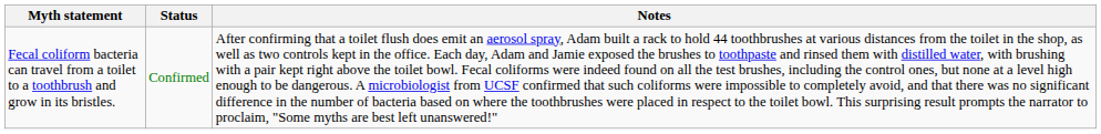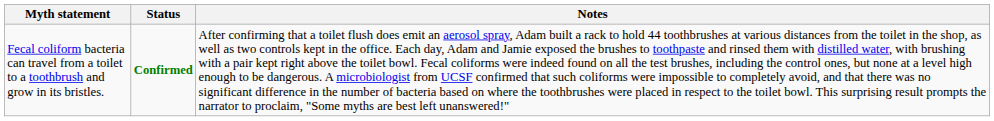 <table class="wikitable plainrowheaders">
 <tr>
 <th>Myth statement</th>
 <th>Status</th>
 <th>Notes</th>
 </tr>
 <tr>
 <td><a href='#'>Fecal coliform</a> bacteria can travel from a toilet to a <a href='#'>toothbrush</a> and grow in its bristles.</td>
-<td style="color:green">Confirmed</td>
+<td style="color:green"><strong>Confirmed</strong></td>
 <td>After confirming that a toilet flush does emit an <a href='#'>aerosol spray</a>, Adam built a rack to hold 44 toothbrushes at various distances from the toilet in the shop, as well as two controls kept in the office. Each day, Adam and Jamie exposed the brushes to <a href='#'>toothpaste</a> and rinsed them with <a href='#'>distilled water</a>, with brushing with a pair kept right above the toilet bowl. Fecal coliforms were indeed found on all the test brushes, including the control ones, but none at a level high enough to be dangerous. A <a href='#'>microbiologist</a> from <a href='#'>UCSF</a> confirmed that such coliforms were impossible to completely avoid, and that there was no significant difference in the number of bacteria based on where the toothbrushes were placed in respect to the toilet bowl. This surprising result prompts the narrator to proclaim, "Some myths are best left unanswered!"</td>
 </tr>
 </table>
